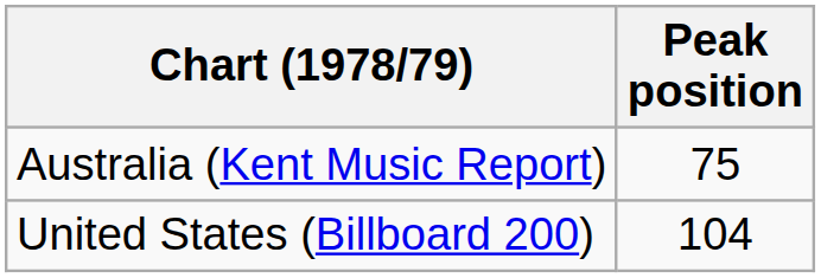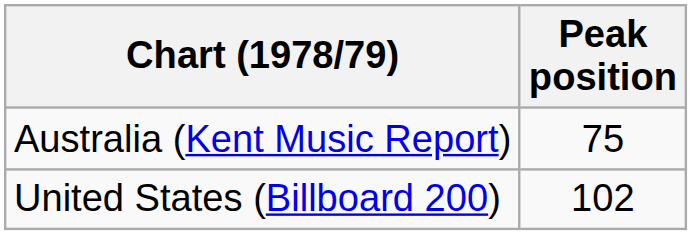 <table class="wikitable">
 <tr>
 <th scope="col">Chart (1978/79)</th>
 <th>Peak<br>position</th>
 </tr>
 <tr>
 <td>Australia (<a href='#'>Kent Music Report</a>)</td>
 <td style="text-align:center;">75</td>
 </tr>
 <tr>
 <td>United States (<a href='#'>Billboard 200</a>)</td>
-<td style="text-align:center;">104</td>
+<td style="text-align:center;">102</td>
 </tr>
 </table>
